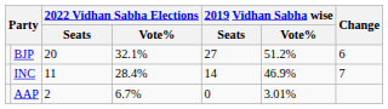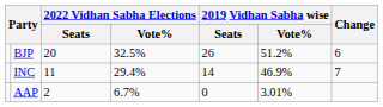 <table class="wikitable sortable">
 <tr>
 <th colspan = "2" rowspan="2">Party</th>
 <th colspan = "2"><a href='#'>2022 Vidhan Sabha Elections</a></th>
 <th colspan = "2"><a href='#'>2019</a> <a href='#'>Vidhan Sabha</a> wise</th>
 <th colspan = "1" rowspan="2">Change</th>
 </tr>
 <tr>
 <th>Seats</th>
 <th>Vote%</th>
 <th>Seats</th>
 <th>Vote%</th>
 </tr>
 <tr>
 <td style="background-color: "></td>
 <td><a href='#'>BJP</a></td>
 <td style="background-color: ">20</td>
-<td style="background-color: ">32.1%</td>
-<td style="background-color: ">27</td>
+<td style="background-color: ">32.5%</td>
+<td style="background-color: ">26</td>
 <td style="background-color: ">51.2%</td>
 <td>6</td>
 </tr>
 <tr>
 <td style="background-color: "></td>
 <td><a href='#'>INC</a></td>
 <td style="background-color: ">11</td>
-<td style="background-color: ">28.4%</td>
+<td style="background-color: ">29.4%</td>
 <td style="background-color: ">14</td>
 <td style="background-color: ">46.9%</td>
 <td>7</td>
 </tr>
 <tr>
 <td style="background-color: "></td>
 <td><a href='#'>AAP</a></td>
 <td>2</td>
 <td>6.7%</td>
 <td>0</td>
 <td>3.01%</td>
 <td></td>
 </tr>
 </table>
